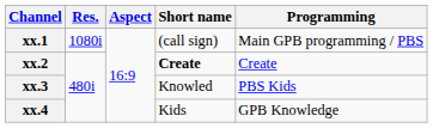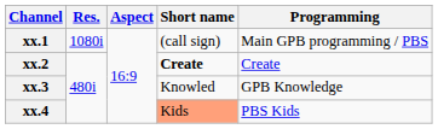 <table class="wikitable">
 <tr>
 <th scope="col"><a href='#'>Channel</a></th>
 <th scope="col"><a href='#'>Res.</a></th>
 <th scope="col"><a href='#'>Aspect</a></th>
 <th scope="col">Short name</th>
 <th scope="col">Programming</th>
 </tr>
 <tr>
 <th scope="row">xx.1</th>
 <td><a href='#'>1080i</a></td>
 <td rowspan="4"><a href='#'>16:9</a></td>
 <td>(call sign)</td>
 <td>Main GPB programming / <a href='#'>PBS</a></td>
 </tr>
 <tr>
 <th scope="row">xx.2</th>
 <td rowspan="3"><a href='#'>480i</a></td>
 <td><strong>Create</strong></td>
 <td><a href='#'>Create</a></td>
 </tr>
 <tr>
 <th scope="row">xx.3</th>
 <td>Knowled</td>
-<td><a href='#'>PBS Kids</a></td>
+<td>GPB Knowledge</td>
 </tr>
 <tr>
 <th scope="row">xx.4</th>
-<td>Kids</td>
-<td>GPB Knowledge</td>
+<td style="background: lightsalmon;">Kids</td>
+<td><a href='#'>PBS Kids</a></td>
 </tr>
 </table>
